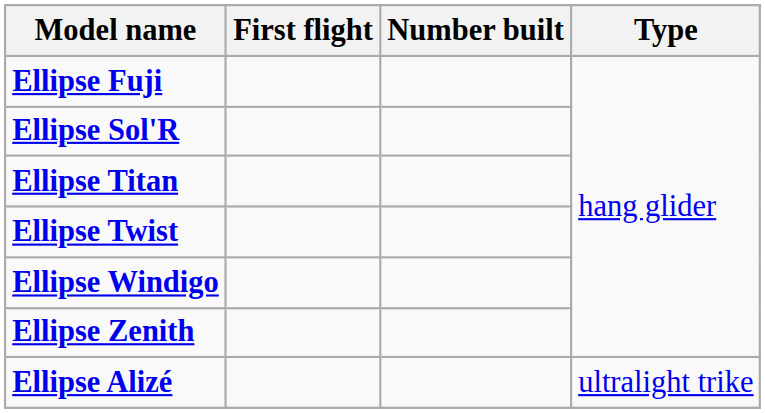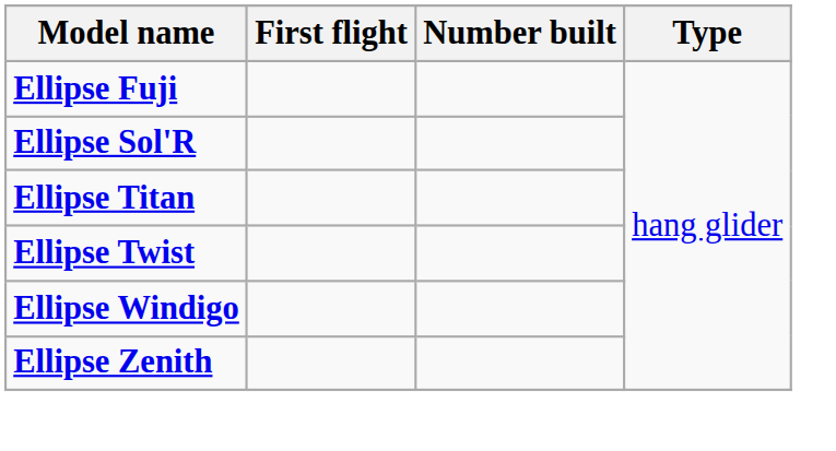 <table class="wikitable" align=center style="font-size:90%;">
 <tr>
 </tr>
 <tr style="background:#efefef;">
 <th>Model name</th>
 <th>First flight</th>
 <th>Number built</th>
 <th>Type</th>
 </tr>
 <tr>
 <td align=left><strong><a href='#'>Ellipse Fuji</a></strong></td>
 <td align=center></td>
 <td align=center></td>
 <td rowspan="6"><a href='#'>hang glider</a></td>
 </tr>
 <tr>
 <td align=left><strong><a href='#'>Ellipse Sol'R</a></strong></td>
 <td align=center></td>
 <td align=center></td>
 </tr>
 <tr>
 <td align=left><strong><a href='#'>Ellipse Titan</a></strong></td>
 <td align=center></td>
 <td align=center></td>
 </tr>
 <tr>
 <td align=left><strong><a href='#'>Ellipse Twist</a></strong></td>
 <td align=center></td>
 <td align=center></td>
 </tr>
 <tr>
 <td align=left><strong><a href='#'>Ellipse Windigo</a></strong></td>
 <td align=center></td>
 <td align=center></td>
 </tr>
 <tr>
 <td align=left><strong><a href='#'>Ellipse Zenith</a></strong></td>
 <td align=center></td>
 <td align=center></td>
 </tr>
 <tr>
-<td align=left><strong><a href='#'>Ellipse Alizé</a></strong></td>
-<td align=center></td>
-<td align=center></td>
-<td align=left><a href='#'>ultralight trike</a></td>
-</tr>
-<tr>
 </tr>
 </table>
